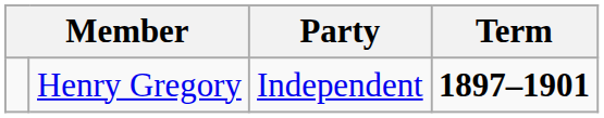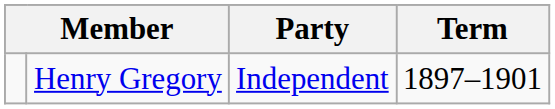 <table class="wikitable">
 <tr>
 <th colspan="2">Member</th>
 <th>Party</th>
 <th>Term</th>
 </tr>
 <tr>
 <td> </td>
 <td rowspan="2"><a href='#'>Henry Gregory</a></td>
 <td><a href='#'>Independent</a></td>
-<td><strong>1897–1901</strong></td>
+<td>1897–1901</td>
 </tr>
 </table>
